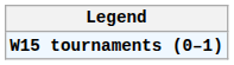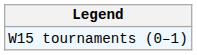 <table class="wikitable" style=font-size:85%>
 <tr>
 <th>Legend</th>
 </tr>
 <tr style="background:#f0f8ff;">
-<td><strong>W15 tournaments (0–1)</strong></td>
+<td>W15 tournaments (0–1)</td>
 </tr>
 </table>
